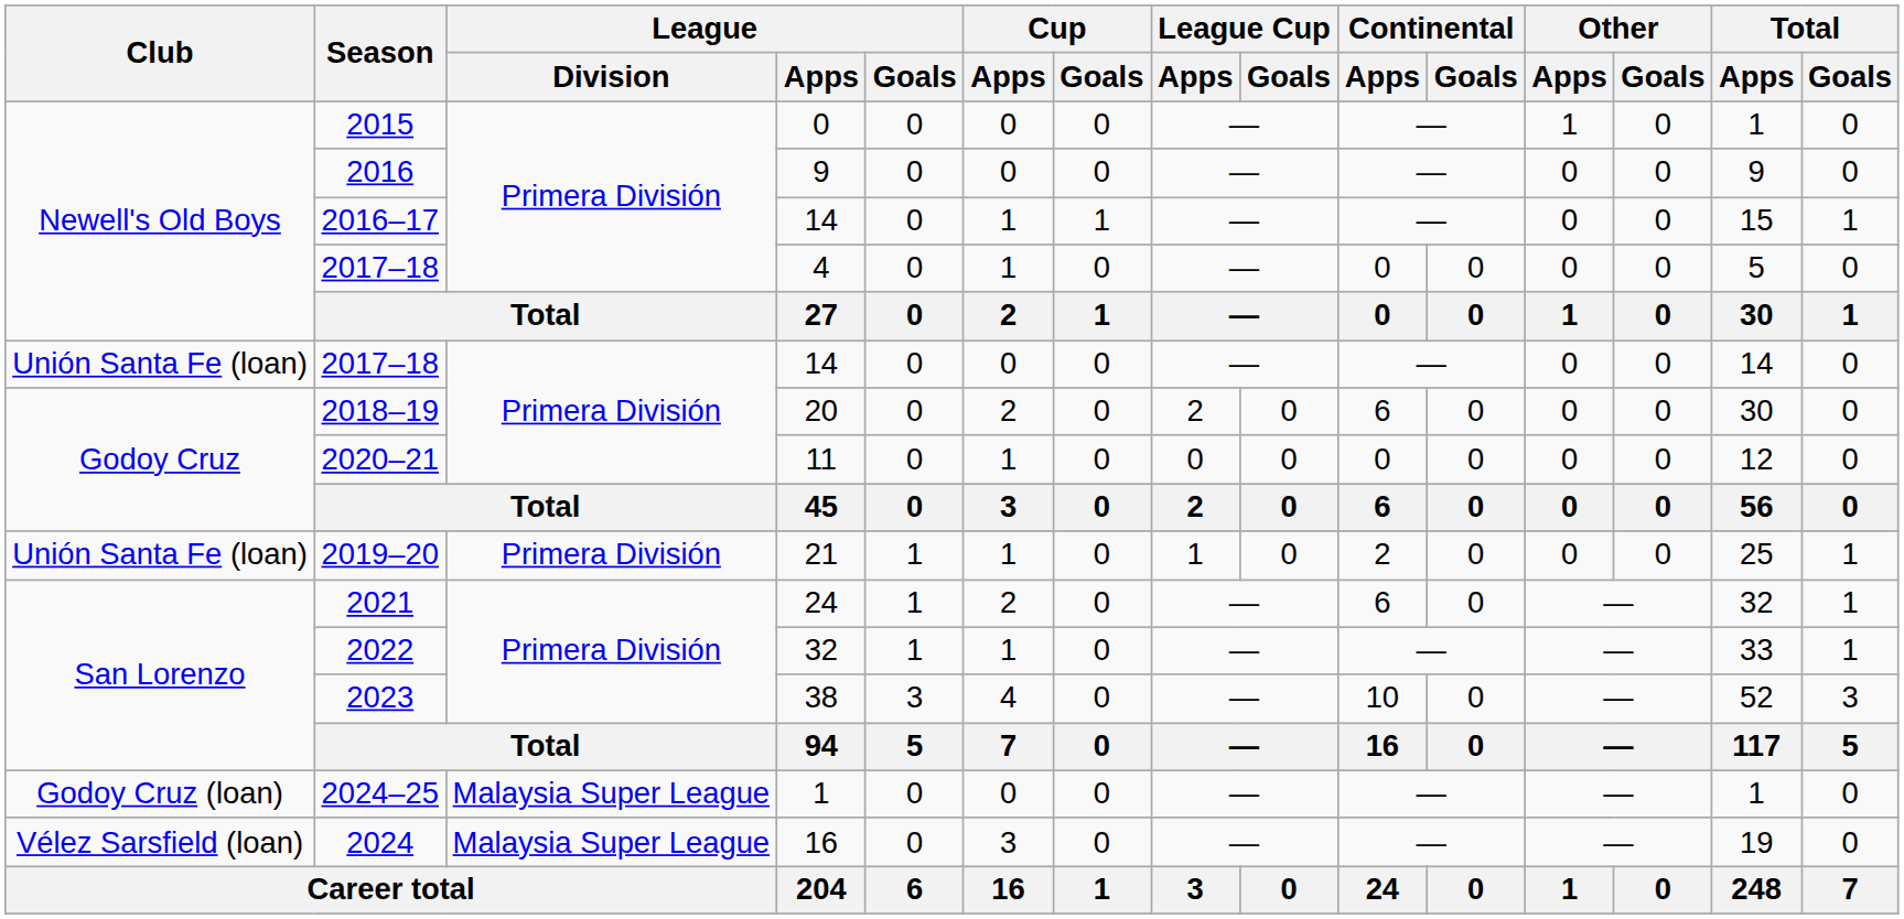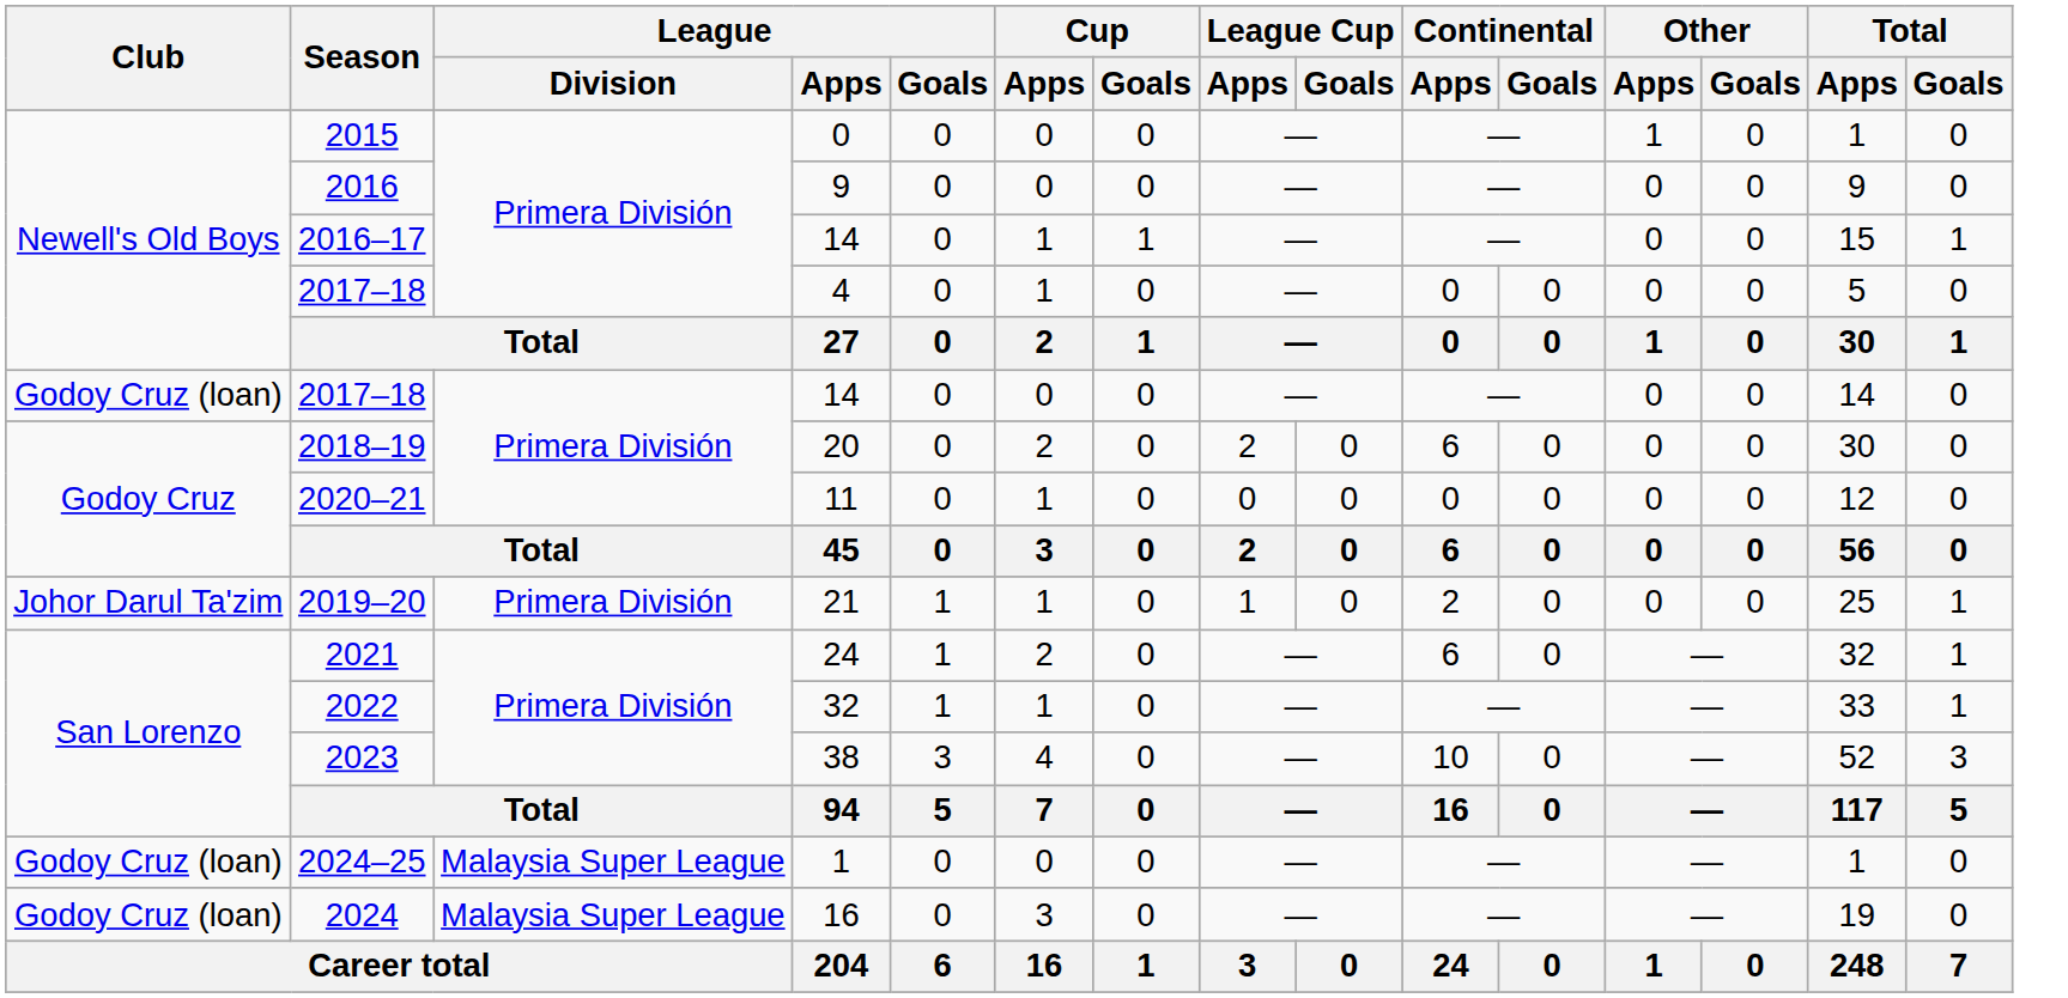 <table class="wikitable" style="text-align:center">
 <tr>
 <th rowspan="2">Club</th>
 <th rowspan="2">Season</th>
 <th colspan="3">League</th>
 <th colspan="2">Cup</th>
 <th colspan="2">League Cup</th>
 <th colspan="2">Continental</th>
 <th colspan="2">Other</th>
 <th colspan="2">Total</th>
 </tr>
 <tr>
 <th>Division</th>
 <th>Apps</th>
 <th>Goals</th>
 <th>Apps</th>
 <th>Goals</th>
 <th>Apps</th>
 <th>Goals</th>
 <th>Apps</th>
 <th>Goals</th>
 <th>Apps</th>
 <th>Goals</th>
 <th>Apps</th>
 <th>Goals</th>
 </tr>
 <tr>
 <td rowspan="5"><a href='#'>Newell's Old Boys</a></td>
 <td><a href='#'>2015</a></td>
 <td rowspan="4"><a href='#'>Primera División</a></td>
 <td>0</td>
 <td>0</td>
 <td>0</td>
 <td>0</td>
 <td colspan="2">—</td>
 <td colspan="2">—</td>
 <td>1</td>
 <td>0</td>
 <td>1</td>
 <td>0</td>
 </tr>
 <tr>
 <td><a href='#'>2016</a></td>
 <td>9</td>
 <td>0</td>
 <td>0</td>
 <td>0</td>
 <td colspan="2">—</td>
 <td colspan="2">—</td>
 <td>0</td>
 <td>0</td>
 <td>9</td>
 <td>0</td>
 </tr>
 <tr>
 <td><a href='#'>2016–17</a></td>
 <td>14</td>
 <td>0</td>
 <td>1</td>
 <td>1</td>
 <td colspan="2">—</td>
 <td colspan="2">—</td>
 <td>0</td>
 <td>0</td>
 <td>15</td>
 <td>1</td>
 </tr>
 <tr>
 <td><a href='#'>2017–18</a></td>
 <td>4</td>
 <td>0</td>
 <td>1</td>
 <td>0</td>
 <td colspan="2">—</td>
 <td>0</td>
 <td>0</td>
 <td>0</td>
 <td>0</td>
 <td>5</td>
 <td>0</td>
 </tr>
 <tr>
 <th colspan="2">Total</th>
 <th>27</th>
 <th>0</th>
 <th>2</th>
 <th>1</th>
 <th colspan="2">—</th>
 <th>0</th>
 <th>0</th>
 <th>1</th>
 <th>0</th>
 <th>30</th>
 <th>1</th>
 </tr>
 <tr>
-<td rowspan="1"><a href='#'>Unión Santa Fe</a> (loan)</td>
+<td rowspan="1"><a href='#'>Godoy Cruz</a> (loan)</td>
 <td><a href='#'>2017–18</a></td>
 <td rowspan="3"><a href='#'>Primera División</a></td>
 <td>14</td>
 <td>0</td>
 <td>0</td>
 <td>0</td>
 <td colspan="2">—</td>
 <td colspan="2">—</td>
 <td>0</td>
 <td>0</td>
 <td>14</td>
 <td>0</td>
 </tr>
 <tr>
 <td rowspan="3"><a href='#'>Godoy Cruz</a></td>
 <td><a href='#'>2018–19</a></td>
 <td>20</td>
 <td>0</td>
 <td>2</td>
 <td>0</td>
 <td>2</td>
 <td>0</td>
 <td>6</td>
 <td>0</td>
 <td>0</td>
 <td>0</td>
 <td>30</td>
 <td>0</td>
 </tr>
 <tr>
 <td><a href='#'>2020–21</a></td>
 <td>11</td>
 <td>0</td>
 <td>1</td>
 <td>0</td>
 <td>0</td>
 <td>0</td>
 <td>0</td>
 <td>0</td>
 <td>0</td>
 <td>0</td>
 <td>12</td>
 <td>0</td>
 </tr>
 <tr>
 <th colspan="2">Total</th>
 <th>45</th>
 <th>0</th>
 <th>3</th>
 <th>0</th>
 <th>2</th>
 <th>0</th>
 <th>6</th>
 <th>0</th>
 <th>0</th>
 <th>0</th>
 <th>56</th>
 <th>0</th>
 </tr>
 <tr>
-<td rowspan="1"><a href='#'>Unión Santa Fe</a> (loan)</td>
+<td><a href='#'>Johor Darul Ta'zim</a></td>
 <td><a href='#'>2019–20</a></td>
 <td rowspan="1"><a href='#'>Primera División</a></td>
 <td>21</td>
 <td>1</td>
 <td>1</td>
 <td>0</td>
 <td>1</td>
 <td>0</td>
 <td>2</td>
 <td>0</td>
 <td>0</td>
 <td>0</td>
 <td>25</td>
 <td>1</td>
 </tr>
 <tr>
 <td rowspan="4"><a href='#'>San Lorenzo</a></td>
 <td><a href='#'>2021</a></td>
 <td rowspan="3"><a href='#'>Primera División</a></td>
 <td>24</td>
 <td>1</td>
 <td>2</td>
 <td>0</td>
 <td colspan="2">—</td>
 <td>6</td>
 <td>0</td>
 <td colspan="2">—</td>
 <td>32</td>
 <td>1</td>
 </tr>
 <tr>
 <td><a href='#'>2022</a></td>
 <td>32</td>
 <td>1</td>
 <td>1</td>
 <td>0</td>
 <td colspan="2">—</td>
 <td colspan="2">—</td>
 <td colspan="2">—</td>
 <td>33</td>
 <td>1</td>
 </tr>
 <tr>
 <td><a href='#'>2023</a></td>
 <td>38</td>
 <td>3</td>
 <td>4</td>
 <td>0</td>
 <td colspan="2">—</td>
 <td>10</td>
 <td>0</td>
 <td colspan="2">—</td>
 <td>52</td>
 <td>3</td>
 </tr>
 <tr>
 <th colspan="2">Total</th>
 <th>94</th>
 <th>5</th>
 <th>7</th>
 <th>0</th>
 <th colspan="2">—</th>
 <th>16</th>
 <th>0</th>
 <th colspan="2">—</th>
 <th>117</th>
 <th>5</th>
 </tr>
 <tr>
 <td rowspan="1"><a href='#'>Godoy Cruz</a> (loan)</td>
 <td><a href='#'>2024–25</a></td>
 <td><a href='#'>Malaysia Super League</a></td>
 <td>1</td>
 <td>0</td>
 <td>0</td>
 <td>0</td>
 <td colspan="2">—</td>
 <td colspan="2">—</td>
 <td colspan="2">—</td>
 <td>1</td>
 <td>0</td>
 </tr>
 <tr>
-<td><a href='#'>Vélez Sarsfield</a> (loan)</td>
+<td rowspan="1"><a href='#'>Godoy Cruz</a> (loan)</td>
 <td><a href='#'>2024</a></td>
 <td><a href='#'>Malaysia Super League</a></td>
 <td>16</td>
 <td>0</td>
 <td>3</td>
 <td>0</td>
 <td colspan="2">—</td>
 <td colspan="2">—</td>
 <td colspan="2">—</td>
 <td>19</td>
 <td>0</td>
 </tr>
 <tr>
 <th colspan="3">Career total</th>
 <th>204</th>
 <th>6</th>
 <th>16</th>
 <th>1</th>
 <th>3</th>
 <th>0</th>
 <th>24</th>
 <th>0</th>
 <th>1</th>
 <th>0</th>
 <th>248</th>
 <th>7</th>
 </tr>
 </table>
